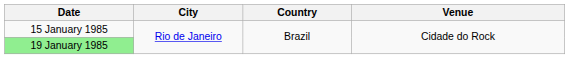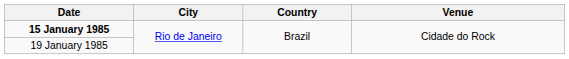 <table class="wikitable" style="text-align:center;">
 <tr>
 <th scope="col" style="width:12em;">Date</th>
 <th scope="col" style="width:10em;">City</th>
 <th scope="col" style="width:10em;">Country</th>
 <th scope="col" style="width:20em;">Venue</th>
 </tr>
 <tr>
-<td>15 January 1985</td>
+<td><strong>15 January 1985</strong></td>
 <td rowspan="2"><a href='#'>Rio de Janeiro</a></td>
 <td rowspan="2">Brazil</td>
 <td rowspan="2">Cidade do Rock</td>
 </tr>
 <tr>
-<td style="background: lightgreen;">19 January 1985</td>
+<td>19 January 1985</td>
 </tr>
 </table>
